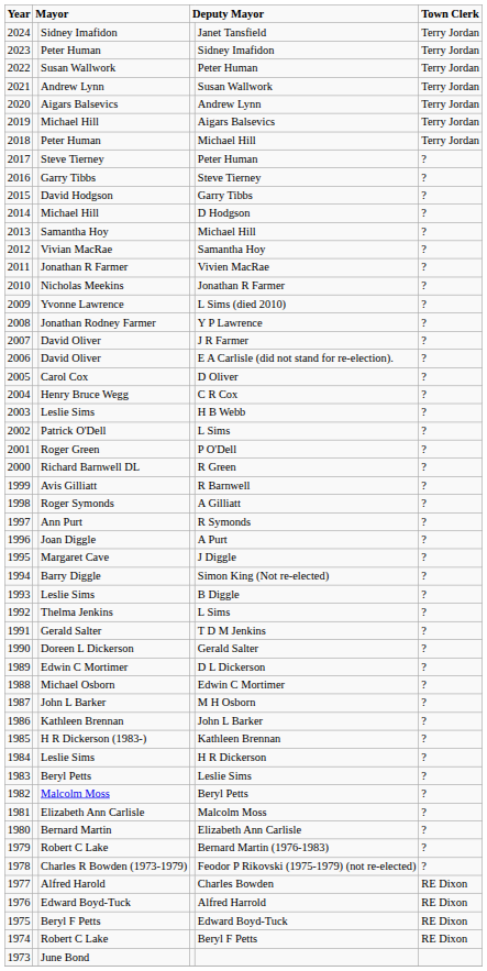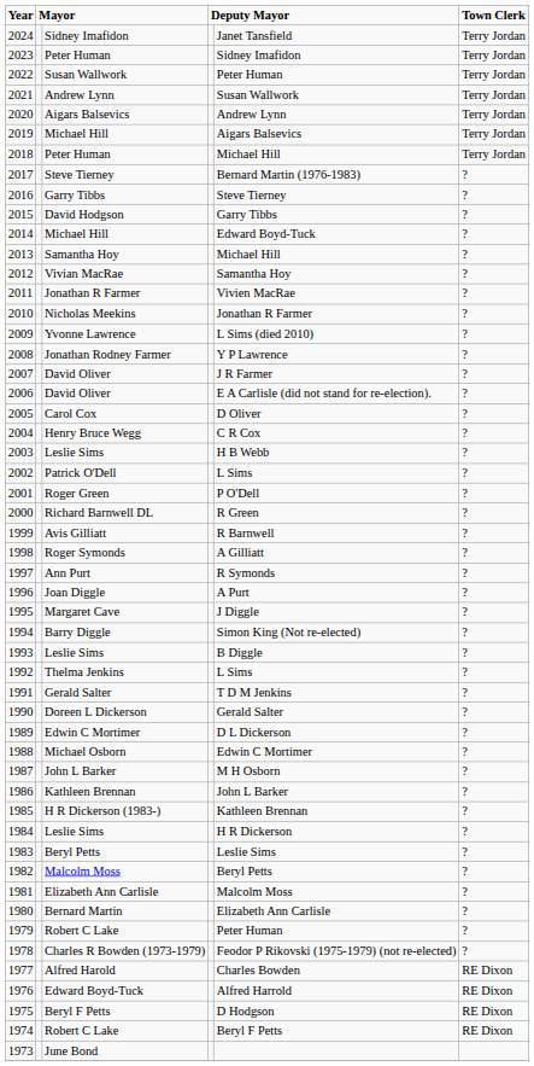 <table class="wikitable">
 <tr>
 <td><strong>Year</strong></td>
 <td width="150" colspan="2"><strong>Mayor</strong></td>
 <td width="150" colspan="2"><strong>Deputy Mayor</strong></td>
 <td><strong>Town Clerk</strong></td>
 </tr>
 <tr>
 <td>2024</td>
 <td style="color:inherit;background:"></td>
 <td>Sidney Imafidon</td>
 <td style="color:inherit;background:"></td>
 <td>Janet Tansfield</td>
 <td>Terry Jordan</td>
 </tr>
 <tr>
 <td>2023</td>
 <td style="color:inherit;background:"></td>
 <td>Peter Human</td>
 <td style="color:inherit;background:"></td>
 <td>Sidney Imafidon</td>
 <td>Terry Jordan</td>
 </tr>
 <tr>
 <td>2022</td>
 <td style="color:inherit;background:"></td>
 <td>Susan Wallwork</td>
 <td style="color:inherit;background:"></td>
 <td>Peter Human</td>
 <td>Terry Jordan</td>
 </tr>
 <tr>
 <td>2021</td>
 <td style="color:inherit;background:"></td>
 <td>Andrew Lynn</td>
 <td style="color:inherit;background:"></td>
 <td>Susan Wallwork</td>
 <td>Terry Jordan</td>
 </tr>
 <tr>
 <td>2020</td>
 <td style="color:inherit;background:"></td>
 <td>Aigars Balsevics</td>
 <td style="color:inherit;background:"></td>
 <td>Andrew Lynn</td>
 <td>Terry Jordan</td>
 </tr>
 <tr>
 <td>2019</td>
 <td style="color:inherit;background:"></td>
 <td>Michael Hill</td>
 <td style="color:inherit;background:"></td>
 <td>Aigars Balsevics</td>
 <td>Terry Jordan</td>
 </tr>
 <tr>
 <td>2018</td>
 <td style="color:inherit;background:"></td>
 <td>Peter Human</td>
 <td style="color:inherit;background:"></td>
 <td>Michael Hill</td>
 <td>Terry Jordan</td>
 </tr>
 <tr>
 <td>2017</td>
 <td style="color:inherit;background:"></td>
 <td>Steve Tierney</td>
 <td style="color:inherit;background:"></td>
-<td>Peter Human</td>
+<td>Bernard Martin (1976-1983)</td>
 <td>?</td>
 </tr>
 <tr>
 <td>2016</td>
 <td style="color:inherit;background:"></td>
 <td>Garry Tibbs</td>
 <td style="color:inherit;background:"></td>
 <td>Steve Tierney</td>
 <td>?</td>
 </tr>
 <tr>
 <td>2015</td>
 <td style="color:inherit;background:"></td>
 <td>David Hodgson</td>
 <td style="color:inherit;background:"></td>
 <td>Garry Tibbs</td>
 <td>?</td>
 </tr>
 <tr>
 <td>2014</td>
 <td style="color:inherit;background:"></td>
 <td>Michael Hill</td>
 <td style="color:inherit;background:"></td>
-<td>D Hodgson</td>
+<td>Edward Boyd-Tuck</td>
 <td>?</td>
 </tr>
 <tr>
 <td>2013</td>
 <td style="color:inherit;background:"></td>
 <td>Samantha Hoy</td>
 <td style="color:inherit;background:"></td>
 <td>Michael Hill</td>
 <td>?</td>
 </tr>
 <tr>
 <td>2012</td>
 <td style="color:inherit;background:"></td>
 <td>Vivian MacRae</td>
 <td style="color:inherit;background:"></td>
 <td>Samantha Hoy</td>
 <td>?</td>
 </tr>
 <tr>
 <td>2011</td>
 <td style="color:inherit;background:"></td>
 <td>Jonathan R Farmer</td>
 <td style="color:inherit;background:"></td>
 <td>Vivien MacRae</td>
 <td>?</td>
 </tr>
 <tr>
 <td>2010</td>
 <td style="color:inherit;background:"></td>
 <td>Nicholas Meekins</td>
 <td style="color:inherit;background:"></td>
 <td>Jonathan R Farmer</td>
 <td>?</td>
 </tr>
 <tr>
 <td>2009</td>
 <td style="color:inherit;background:"></td>
 <td>Yvonne Lawrence</td>
 <td style="color:inherit;background:"></td>
 <td>L Sims (died 2010)</td>
 <td>?</td>
 </tr>
 <tr>
 <td>2008</td>
 <td style="color:inherit;background:"></td>
 <td>Jonathan Rodney Farmer</td>
 <td style="color:inherit;background:"></td>
 <td>Y P Lawrence</td>
 <td>?</td>
 </tr>
 <tr>
 <td>2007</td>
 <td style="color:inherit;background:"></td>
 <td>David Oliver</td>
 <td style="color:inherit;background:"></td>
 <td>J R Farmer</td>
 <td>?</td>
 </tr>
 <tr>
 <td>2006</td>
 <td style="color:inherit;background:"></td>
 <td>David Oliver</td>
 <td style="color:inherit;background:"></td>
 <td>E A Carlisle (did not stand for re-election).</td>
 <td>?</td>
 </tr>
 <tr>
 <td>2005</td>
 <td style="color:inherit;background:"></td>
 <td>Carol Cox</td>
 <td style="color:inherit;background:"></td>
 <td>D Oliver</td>
 <td>?</td>
 </tr>
 <tr>
 <td>2004</td>
 <td style="color:inherit;background:"></td>
 <td>Henry Bruce Wegg</td>
 <td style="color:inherit;background:"></td>
 <td>C R Cox</td>
 <td>?</td>
 </tr>
 <tr>
 <td>2003</td>
 <td style="color:inherit;background:"></td>
 <td>Leslie Sims</td>
 <td style="color:inherit;background:"></td>
 <td>H B Webb</td>
 <td>?</td>
 </tr>
 <tr>
 <td>2002</td>
 <td style="color:inherit;background:"></td>
 <td>Patrick O'Dell</td>
 <td style="color:inherit;background:"></td>
 <td>L Sims</td>
 <td>?</td>
 </tr>
 <tr>
 <td>2001</td>
 <td style="color:inherit;background:"></td>
 <td>Roger Green</td>
 <td style="color:inherit;background:"></td>
 <td>P O'Dell</td>
 <td>?</td>
 </tr>
 <tr>
 <td>2000</td>
 <td style="color:inherit;background:"></td>
 <td>Richard Barnwell DL</td>
 <td style="color:inherit;background:"></td>
 <td>R Green</td>
 <td>?</td>
 </tr>
 <tr>
 <td>1999</td>
 <td style="color:inherit;background:"></td>
 <td>Avis Gilliatt</td>
 <td style="color:inherit;background:"></td>
 <td>R Barnwell</td>
 <td>?</td>
 </tr>
 <tr>
 <td>1998</td>
 <td style="color:inherit;background:"></td>
 <td>Roger Symonds</td>
 <td style="color:inherit;background:"></td>
 <td>A Gilliatt</td>
 <td>?</td>
 </tr>
 <tr>
 <td>1997</td>
 <td style="color:inherit;background:"></td>
 <td>Ann Purt</td>
 <td style="color:inherit;background:"></td>
 <td>R Symonds</td>
 <td>?</td>
 </tr>
 <tr>
 <td>1996</td>
 <td style="color:inherit;background:"></td>
 <td>Joan Diggle</td>
 <td style="color:inherit;background:"></td>
 <td>A Purt</td>
 <td>?</td>
 </tr>
 <tr>
 <td>1995</td>
 <td style="color:inherit;background:"></td>
 <td>Margaret Cave</td>
 <td style="color:inherit;background:"></td>
 <td>J Diggle</td>
 <td>?</td>
 </tr>
 <tr>
 <td>1994</td>
 <td style="color:inherit;background:"></td>
 <td>Barry Diggle</td>
 <td style="color:inherit;background:"></td>
 <td>Simon King (Not re-elected)</td>
 <td>?</td>
 </tr>
 <tr>
 <td>1993</td>
 <td style="color:inherit;background:"></td>
 <td>Leslie Sims</td>
 <td style="color:inherit;background:"></td>
 <td>B Diggle</td>
 <td>?</td>
 </tr>
 <tr>
 <td>1992</td>
 <td style="color:inherit;background:"></td>
 <td>Thelma Jenkins</td>
 <td style="color:inherit;background:"></td>
 <td>L Sims</td>
 <td>?</td>
 </tr>
 <tr>
 <td>1991</td>
 <td style="color:inherit;background:"></td>
 <td>Gerald Salter</td>
 <td style="color:inherit;background:"></td>
 <td>T D M Jenkins</td>
 <td>?</td>
 </tr>
 <tr>
 <td>1990</td>
 <td style="color:inherit;background:"></td>
 <td>Doreen L Dickerson</td>
 <td style="color:inherit;background:"></td>
 <td>Gerald Salter</td>
 <td>?</td>
 </tr>
 <tr>
 <td>1989</td>
 <td style="color:inherit;background:"></td>
 <td>Edwin C Mortimer</td>
 <td style="color:inherit;background:"></td>
 <td>D L Dickerson</td>
 <td>?</td>
 </tr>
 <tr>
 <td>1988</td>
 <td style="color:inherit;background:"></td>
 <td>Michael Osborn</td>
 <td style="color:inherit;background:"></td>
 <td>Edwin C Mortimer</td>
 <td>?</td>
 </tr>
 <tr>
 <td>1987</td>
 <td style="color:inherit;background:"></td>
 <td>John L Barker</td>
 <td style="color:inherit;background:"></td>
 <td>M H Osborn</td>
 <td>?</td>
 </tr>
 <tr>
 <td>1986</td>
 <td style="color:inherit;background:"></td>
 <td>Kathleen Brennan</td>
 <td style="color:inherit;background:"></td>
 <td>John L Barker</td>
 <td>?</td>
 </tr>
 <tr>
 <td>1985</td>
 <td style="color:inherit;background:"></td>
 <td>H R Dickerson (1983-)</td>
 <td style="color:inherit;background:"></td>
 <td>Kathleen Brennan</td>
 <td>?</td>
 </tr>
 <tr>
 <td>1984</td>
 <td style="color:inherit;background:"></td>
 <td>Leslie Sims</td>
 <td style="color:inherit;background:"></td>
 <td>H R Dickerson</td>
 <td>?</td>
 </tr>
 <tr>
 <td>1983</td>
 <td style="color:inherit;background:"></td>
 <td>Beryl Petts</td>
 <td style="color:inherit;background:"></td>
 <td>Leslie Sims</td>
 <td>?</td>
 </tr>
 <tr>
 <td>1982</td>
 <td style="color:inherit;background:"></td>
 <td><a href='#'>Malcolm Moss</a></td>
 <td style="color:inherit;background:"></td>
 <td>Beryl Petts</td>
 <td>?</td>
 </tr>
 <tr>
 <td>1981</td>
 <td style="color:inherit;background:"></td>
 <td>Elizabeth Ann Carlisle</td>
 <td style="color:inherit;background:"></td>
 <td>Malcolm Moss</td>
 <td>?</td>
 </tr>
 <tr>
 <td>1980</td>
 <td style="color:inherit;background:"></td>
 <td>Bernard Martin</td>
 <td style="color:inherit;background:"></td>
 <td>Elizabeth Ann Carlisle</td>
 <td>?</td>
 </tr>
 <tr>
 <td>1979</td>
 <td style="color:inherit;background:"></td>
 <td>Robert C Lake</td>
 <td style="color:inherit;background:"></td>
-<td>Bernard Martin (1976-1983)</td>
+<td>Peter Human</td>
 <td>?</td>
 </tr>
 <tr>
 <td>1978</td>
 <td style="color:inherit;background:"></td>
 <td>Charles R Bowden (1973-1979)</td>
 <td style="color:inherit;background:"></td>
 <td>Feodor P Rikovski (1975-1979) (not re-elected)</td>
 <td>?</td>
 </tr>
 <tr>
 <td>1977</td>
 <td style="color:inherit;background:"></td>
 <td>Alfred Harold</td>
 <td style="color:inherit;background:"></td>
 <td>Charles Bowden</td>
 <td>RE Dixon</td>
 </tr>
 <tr>
 <td>1976</td>
 <td style="color:inherit;background:"></td>
 <td>Edward Boyd-Tuck</td>
 <td style="color:inherit;background:"></td>
 <td>Alfred Harrold</td>
 <td>RE Dixon</td>
 </tr>
 <tr>
 <td>1975</td>
 <td style="color:inherit;background:"></td>
 <td>Beryl F Petts</td>
 <td style="color:inherit;background:"></td>
-<td>Edward Boyd-Tuck</td>
+<td>D Hodgson</td>
 <td>RE Dixon</td>
 </tr>
 <tr>
 <td>1974</td>
 <td style="color:inherit;background:"></td>
 <td>Robert C Lake</td>
 <td style="color:inherit;background:"></td>
 <td>Beryl F Petts</td>
 <td>RE Dixon</td>
 </tr>
 <tr>
 <td>1973</td>
 <td style="color:inherit;background:"></td>
 <td>June Bond</td>
 <td></td>
 <td></td>
 <td></td>
 </tr>
 <tr>
 </tr>
 </table>
